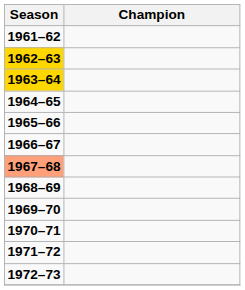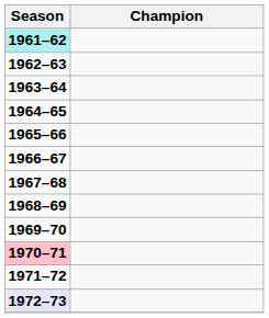 <table class="wikitable">
 <tr>
 <th>Season</th>
 <th width="200">Champion</th>
 </tr>
 <tr>
-<td><strong>1961–62</strong></td>
+<td style="background: paleturquoise;"><strong>1961–62</strong></td>
 <td></td>
 </tr>
 <tr>
-<td style="background: gold;"><strong>1962–63</strong></td>
+<td><strong>1962–63</strong></td>
 <td></td>
 </tr>
 <tr>
-<td style="background: gold;"><strong>1963–64</strong></td>
+<td><strong>1963–64</strong></td>
 <td></td>
 </tr>
 <tr>
 <td><strong>1964–65</strong></td>
 <td></td>
 </tr>
 <tr>
 <td><strong>1965–66</strong></td>
 <td></td>
 </tr>
 <tr>
 <td><strong>1966–67</strong></td>
 <td></td>
 </tr>
 <tr>
-<td style="background: lightsalmon;"><strong>1967–68</strong></td>
+<td><strong>1967–68</strong></td>
 <td></td>
 </tr>
 <tr>
 <td><strong>1968–69</strong></td>
 <td></td>
 </tr>
 <tr>
 <td><strong>1969–70</strong></td>
 <td></td>
 </tr>
 <tr>
-<td><strong>1970–71</strong></td>
+<td style="background: pink;"><strong>1970–71</strong></td>
 <td></td>
 </tr>
 <tr>
 <td><strong>1971–72</strong></td>
 <td></td>
 </tr>
 <tr>
-<td><strong>1972–73</strong></td>
+<td style="background: lavender;"><strong>1972–73</strong></td>
 <td></td>
 </tr>
 <tr>
 </tr>
 </table>
